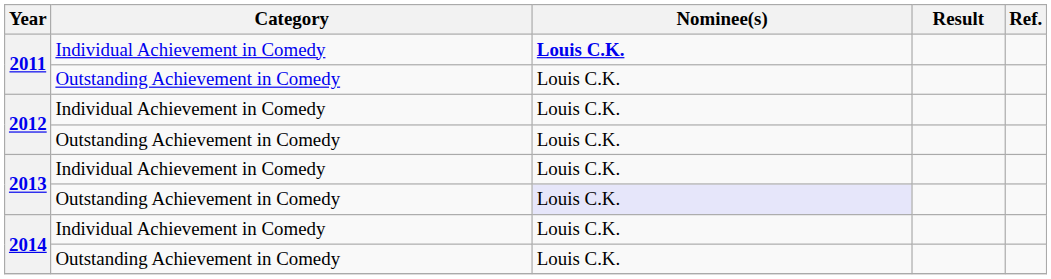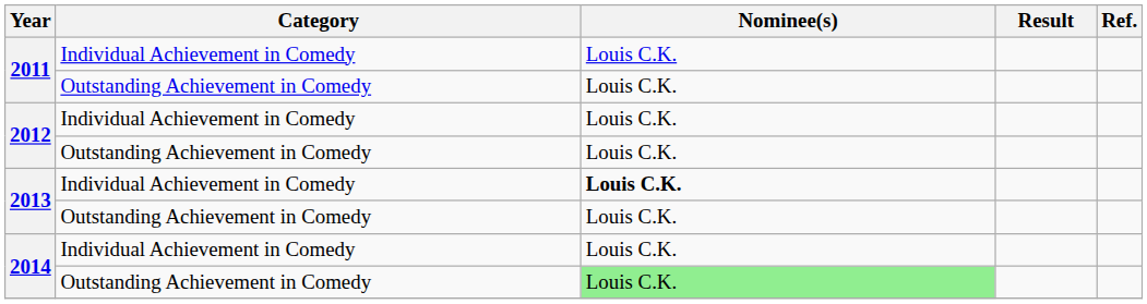 <table class="wikitable plainrowheaders" width=100%>
 <tr>
 <th scope="col" width="4%">Year</th>
 <th scope="col" width="47%">Category</th>
 <th scope="col" width="37%">Nominee(s)</th>
 <th scope="col" width="9%">Result</th>
 <th scope="col" width="3%">Ref.</th>
 </tr>
 <tr>
 <th scope=row rowspan=2><a href='#'>2011</a></th>
 <td><a href='#'>Individual Achievement in Comedy</a></td>
-<td><strong><a href='#'>Louis C.K.</a></strong></td>
+<td><a href='#'>Louis C.K.</a></td>
 <td></td>
 <td></td>
 </tr>
 <tr>
 <td><a href='#'>Outstanding Achievement in Comedy</a></td>
 <td>Louis C.K.</td>
 <td></td>
 <td></td>
 </tr>
 <tr>
 <th scope=row rowspan=2><a href='#'>2012</a></th>
 <td>Individual Achievement in Comedy</td>
 <td>Louis C.K.</td>
 <td></td>
 <td></td>
 </tr>
 <tr>
 <td>Outstanding Achievement in Comedy</td>
 <td>Louis C.K.</td>
 <td></td>
 <td></td>
 </tr>
 <tr>
 <th scope=row rowspan=2><a href='#'>2013</a></th>
 <td>Individual Achievement in Comedy</td>
-<td>Louis C.K.</td>
+<td><strong>Louis C.K.</strong></td>
 <td></td>
 <td></td>
 </tr>
 <tr>
 <td>Outstanding Achievement in Comedy</td>
-<td style="background: lavender;">Louis C.K.</td>
+<td>Louis C.K.</td>
 <td></td>
 <td></td>
 </tr>
 <tr>
 <th scope=row rowspan=2><a href='#'>2014</a></th>
 <td>Individual Achievement in Comedy</td>
 <td>Louis C.K.</td>
 <td></td>
 <td></td>
 </tr>
 <tr>
 <td>Outstanding Achievement in Comedy</td>
-<td>Louis C.K.</td>
+<td style="background: lightgreen;">Louis C.K.</td>
 <td></td>
 <td></td>
 </tr>
 <tr>
 </tr>
 </table>
